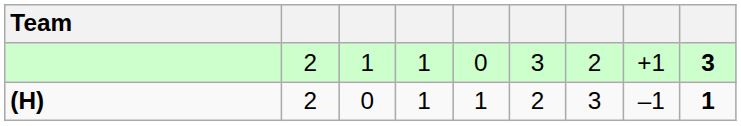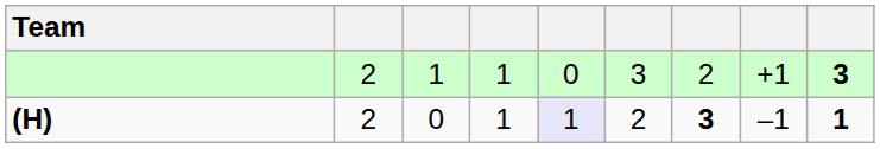 <table class="wikitable" style="text-align: center;">
 <tr>
 <th width=175 style="text-align:left;">Team</th>
 <th width=30></th>
 <th width=30></th>
 <th width=30></th>
 <th width=30></th>
 <th width=30></th>
 <th width=30></th>
 <th width=30></th>
 <th width=30></th>
 </tr>
 <tr style="background:#ccffcc;">
 <td style="text-align:left;"></td>
 <td>2</td>
 <td>1</td>
 <td>1</td>
 <td>0</td>
 <td>3</td>
 <td>2</td>
 <td>+1</td>
 <td><strong>3</strong></td>
 </tr>
 <tr>
 <td style="text-align:left;"> <strong>(H)</strong></td>
 <td>2</td>
 <td>0</td>
 <td>1</td>
-<td>1</td>
+<td style="background: lavender;">1</td>
 <td>2</td>
-<td>3</td>
+<td><strong>3</strong></td>
 <td>–1</td>
 <td><strong>1</strong></td>
 </tr>
 </table>
